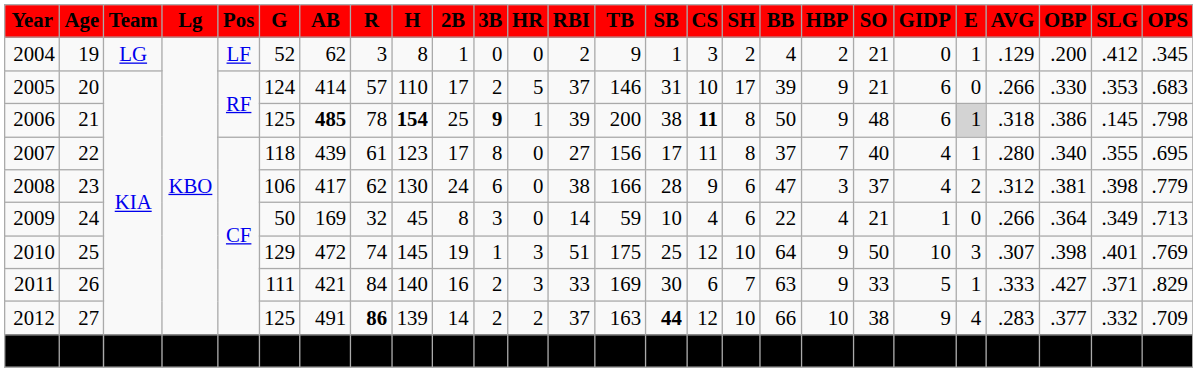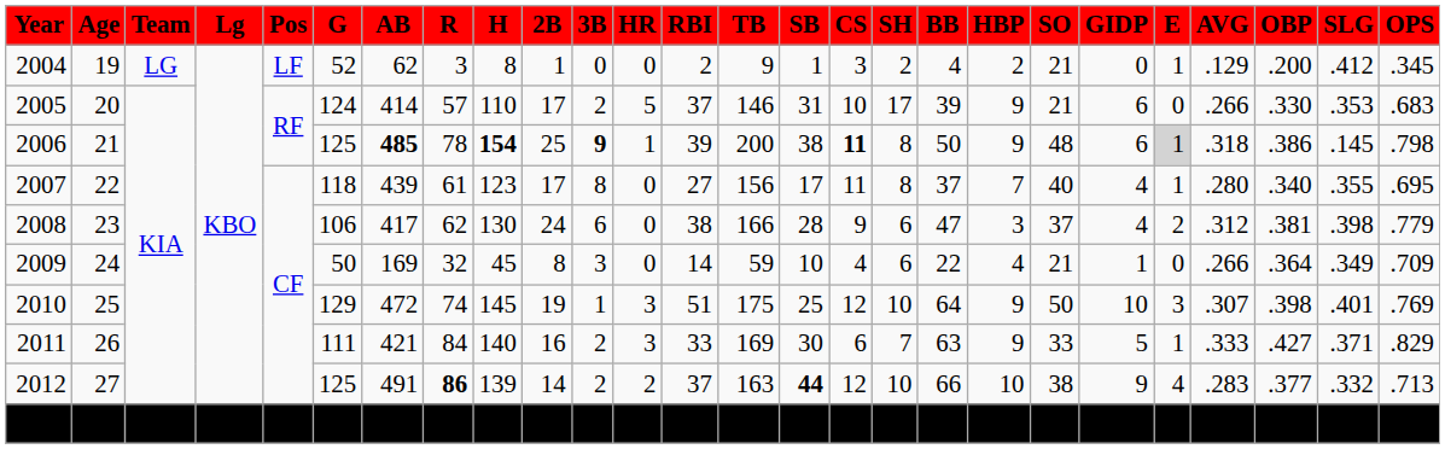 <table class="wikitable" style="text-align: right;">
 <tr style="background:red;">
 <th style="background:#ff0000;" width="40"><span>Year </span></th>
 <th style="background:#ff0000;" width="30"><span>Age</span></th>
 <th style="background:#ff0000;" width="45"><span>Team</span></th>
 <th style="background:#ff0000;" width="30"><span>Lg</span></th>
 <th style="background:#ff0000;" width="30"><span>Pos</span></th>
 <th style="background:#ff0000;" width="30"><span>G</span></th>
 <th style="background:#ff0000;" width="30"><span>AB</span></th>
 <th style="background:#ff0000;" width="30"><span>R</span></th>
 <th style="background:#ff0000;" width="30"><span>H</span></th>
 <th style="background:#ff0000;" width="30"><span>2B</span></th>
 <th style="background:#ff0000;" width="30"><span>3B</span></th>
 <th style="background:#ff0000;" width="30"><span>HR</span></th>
 <th style="background:#ff0000;" width="30"><span>RBI</span></th>
 <th style="background:#ff0000;" width="30"><span>TB</span></th>
 <th style="background:#ff0000;" width="30"><span>SB</span></th>
 <th style="background:#ff0000;" width="30"><span>CS</span></th>
 <th style="background:#ff0000;" width="30"><span>SH</span></th>
 <th style="background:#ff0000;" width="30"><span>BB</span></th>
 <th style="background:#ff0000;" width="30"><span>HBP</span></th>
 <th style="background:#ff0000;" width="30"><span>SO</span></th>
 <th style="background:#ff0000;" width="30"><span>GIDP</span></th>
 <th style="background:#ff0000;" width="30"><span>E</span></th>
 <th style="background:#ff0000;" width="30"><span>AVG</span></th>
 <th style="background:#ff0000;" width="30"><span>OBP</span></th>
 <th style="background:#ff0000;" width="30"><span>SLG</span></th>
 <th style="background:#ff0000;" width="30"><span>OPS</span></th>
 </tr>
 <tr>
 <td>2004</td>
 <td>19</td>
 <td align="center"><a href='#'>LG</a></td>
 <td rowspan="9" style="text-align:center;"><a href='#'>KBO</a></td>
 <td align="center"><a href='#'>LF</a></td>
 <td>52</td>
 <td>62</td>
 <td>3</td>
 <td>8</td>
 <td>1</td>
 <td>0</td>
 <td>0</td>
 <td>2</td>
 <td>9</td>
 <td>1</td>
 <td>3</td>
 <td>2</td>
 <td>4</td>
 <td>2</td>
 <td>21</td>
 <td>0</td>
 <td>1</td>
 <td>.129</td>
 <td>.200</td>
 <td>.412</td>
 <td>.345</td>
 </tr>
 <tr>
 <td>2005</td>
 <td>20</td>
 <td rowspan="8" style="text-align:center;"><a href='#'>KIA</a></td>
 <td rowspan="2" style="text-align:center;"><a href='#'>RF</a></td>
 <td>124</td>
 <td>414</td>
 <td>57</td>
 <td>110</td>
 <td>17</td>
 <td>2</td>
 <td>5</td>
 <td>37</td>
 <td>146</td>
 <td>31</td>
 <td>10</td>
 <td>17</td>
 <td>39</td>
 <td>9</td>
 <td>21</td>
 <td>6</td>
 <td>0</td>
 <td>.266</td>
 <td>.330</td>
 <td>.353</td>
 <td>.683</td>
 </tr>
 <tr>
 <td>2006</td>
 <td>21</td>
 <td>125</td>
 <td><strong>485</strong></td>
 <td>78</td>
 <td><strong>154</strong></td>
 <td>25</td>
 <td><strong>9</strong></td>
 <td>1</td>
 <td>39</td>
 <td>200</td>
 <td>38</td>
 <td><strong>11</strong></td>
 <td>8</td>
 <td>50</td>
 <td>9</td>
 <td>48</td>
 <td>6</td>
 <td style="background: lightgrey;">1</td>
 <td>.318</td>
 <td>.386</td>
 <td>.145</td>
 <td>.798</td>
 </tr>
 <tr>
 <td>2007</td>
 <td>22</td>
 <td rowspan="6" style="text-align:center;"><a href='#'>CF</a></td>
 <td>118</td>
 <td>439</td>
 <td>61</td>
 <td>123</td>
 <td>17</td>
 <td>8</td>
 <td>0</td>
 <td>27</td>
 <td>156</td>
 <td>17</td>
 <td>11</td>
 <td>8</td>
 <td>37</td>
 <td>7</td>
 <td>40</td>
 <td>4</td>
 <td>1</td>
 <td>.280</td>
 <td>.340</td>
 <td>.355</td>
 <td>.695</td>
 </tr>
 <tr>
 <td>2008</td>
 <td>23</td>
 <td>106</td>
 <td>417</td>
 <td>62</td>
 <td>130</td>
 <td>24</td>
 <td>6</td>
 <td>0</td>
 <td>38</td>
 <td>166</td>
 <td>28</td>
 <td>9</td>
 <td>6</td>
 <td>47</td>
 <td>3</td>
 <td>37</td>
 <td>4</td>
 <td>2</td>
 <td>.312</td>
 <td>.381</td>
 <td>.398</td>
 <td>.779</td>
 </tr>
 <tr>
 <td>2009</td>
 <td>24</td>
 <td>50</td>
 <td>169</td>
 <td>32</td>
 <td>45</td>
 <td>8</td>
 <td>3</td>
 <td>0</td>
 <td>14</td>
 <td>59</td>
 <td>10</td>
 <td>4</td>
 <td>6</td>
 <td>22</td>
 <td>4</td>
 <td>21</td>
 <td>1</td>
 <td>0</td>
 <td>.266</td>
 <td>.364</td>
 <td>.349</td>
-<td>.713</td>
+<td>.709</td>
 </tr>
 <tr>
 <td>2010</td>
 <td>25</td>
 <td>129</td>
 <td>472</td>
 <td>74</td>
 <td>145</td>
 <td>19</td>
 <td>1</td>
 <td>3</td>
 <td>51</td>
 <td>175</td>
 <td>25</td>
 <td>12</td>
 <td>10</td>
 <td>64</td>
 <td>9</td>
 <td>50</td>
 <td>10</td>
 <td>3</td>
 <td>.307</td>
 <td>.398</td>
 <td>.401</td>
 <td>.769</td>
 </tr>
 <tr>
 <td>2011</td>
 <td>26</td>
 <td>111</td>
 <td>421</td>
 <td>84</td>
 <td>140</td>
 <td>16</td>
 <td>2</td>
 <td>3</td>
 <td>33</td>
 <td>169</td>
 <td>30</td>
 <td>6</td>
 <td>7</td>
 <td>63</td>
 <td>9</td>
 <td>33</td>
 <td>5</td>
 <td>1</td>
 <td>.333</td>
 <td>.427</td>
 <td>.371</td>
 <td>.829</td>
 </tr>
 <tr>
 <td>2012</td>
 <td>27</td>
 <td>125</td>
 <td>491</td>
 <td><strong>86</strong></td>
 <td>139</td>
 <td>14</td>
 <td>2</td>
 <td>2</td>
 <td>37</td>
 <td>163</td>
 <td><strong>44</strong></td>
 <td>12</td>
 <td>10</td>
 <td>66</td>
 <td>10</td>
 <td>38</td>
 <td>9</td>
 <td>4</td>
 <td>.283</td>
 <td>.377</td>
 <td>.332</td>
-<td>.709</td>
+<td>.713</td>
 </tr>
 <tr style="background:#000000;">
 <th style="background:#000000;" width="42"><span>Total </span></th>
 <td></td>
 <td></td>
 <th style="background:#000000;" width="30"><span>KBO </span></th>
 <th style="background:#000000;" width="42"><span>OF </span></th>
 <th style="background:#000000;" width="30"><span>940</span></th>
 <th style="background:#000000;" width="30"><span>3370</span></th>
 <th style="background:#000000;" width="30"><span>537</span></th>
 <th style="background:#000000;" width="30"><span>994</span></th>
 <th style="background:#000000;" width="30"><span>141</span></th>
 <th style="background:#000000;" width="30"><span>33</span></th>
 <th style="background:#000000;" width="30"><span>14</span></th>
 <th style="background:#000000;" width="30"><span>278 </span></th>
 <th style="background:#000000;" width="30"><span>1243</span></th>
 <th style="background:#000000;" width="30"><span>224</span></th>
 <th style="background:#000000;" width="30"><span>78</span></th>
 <th style="background:#000000;" width="30"><span>74</span></th>
 <th style="background:#000000;" width="30"><span>392</span></th>
 <th style="background:#000000;" width="30"><span>62</span></th>
 <th style="background:#000000;" width="30"><span>352</span></th>
 <th style="background:#000000;" width="30"><span>45</span></th>
 <th style="background:#000000;" width="30"><span>13</span></th>
 <th style="background:#000000;" width="30"><span>.295</span></th>
 <th style="background:#000000;" width="30"><span>.377</span></th>
 <th style="background:#000000;" width="30"><span>.369</span></th>
 <th style="background:#000000;" width="30"><span>.746</span></th>
 </tr>
 <tr>
 </tr>
 </table>
